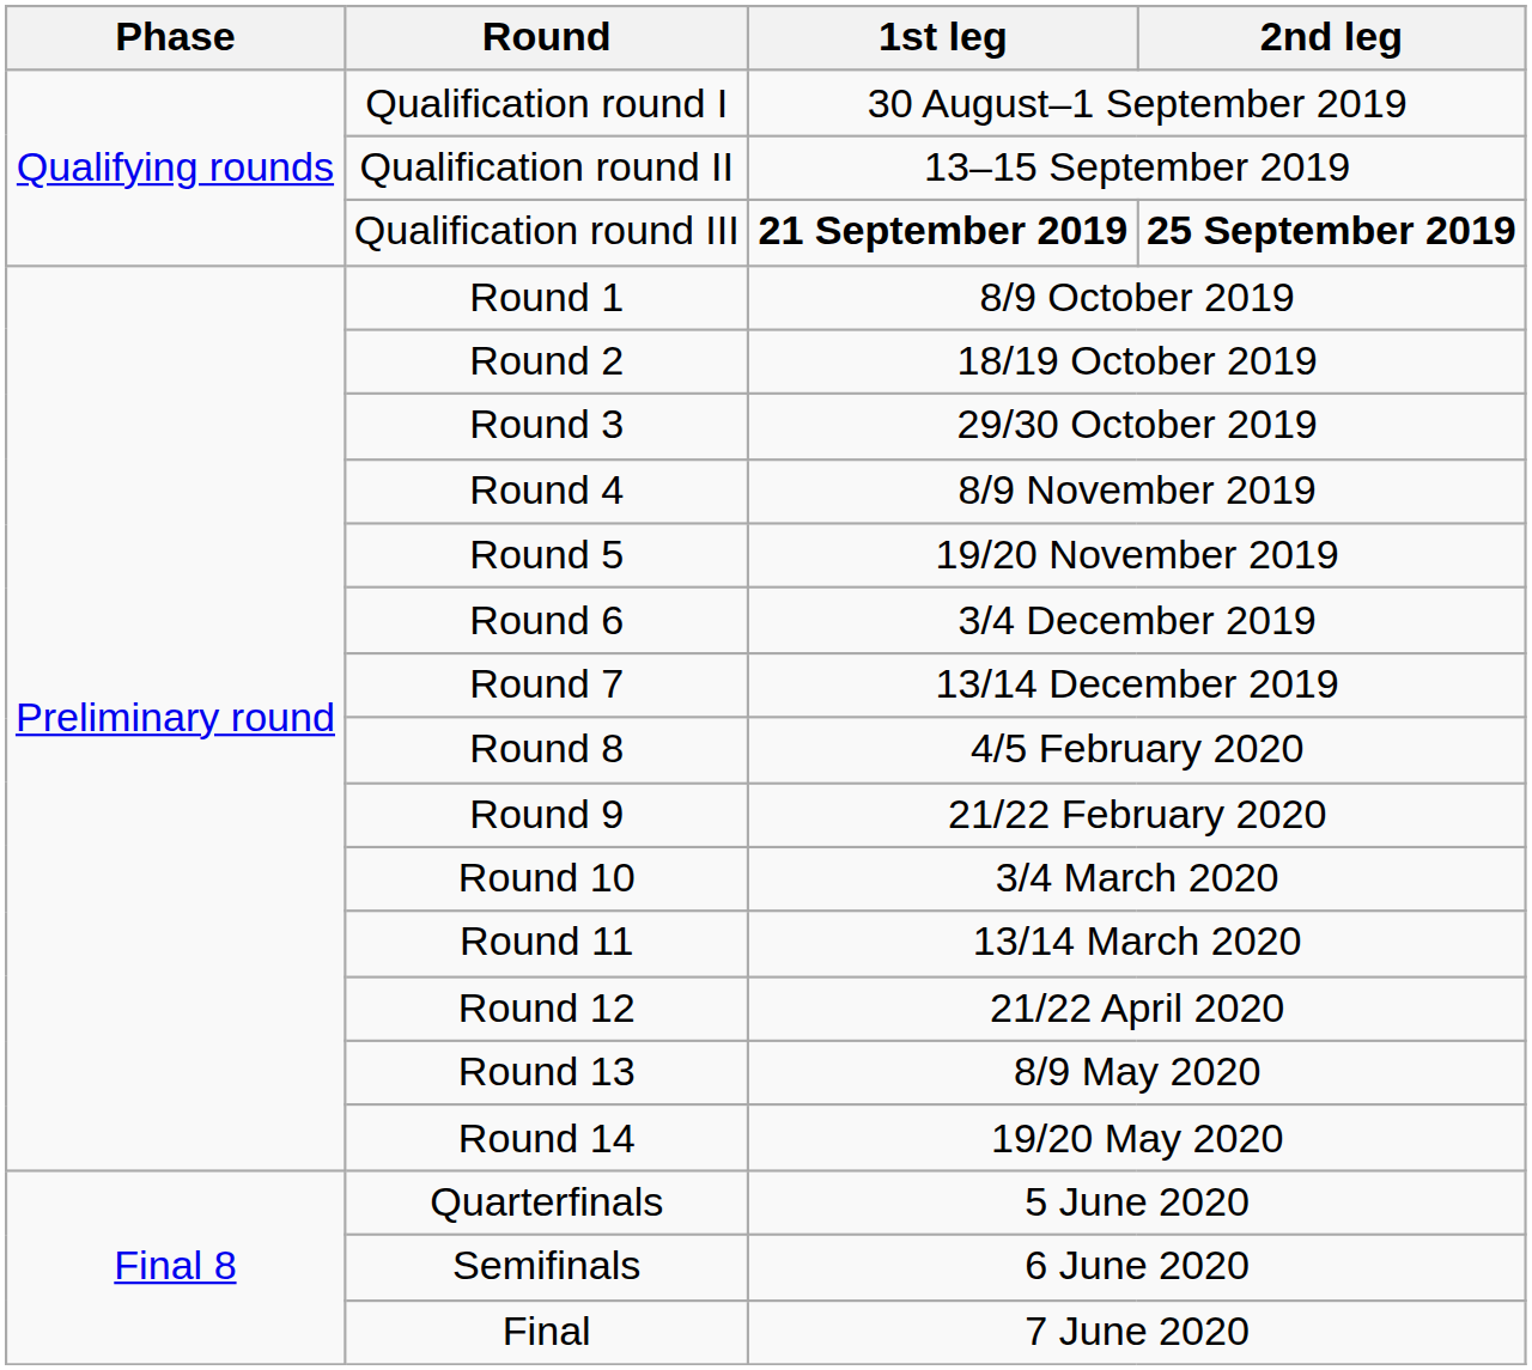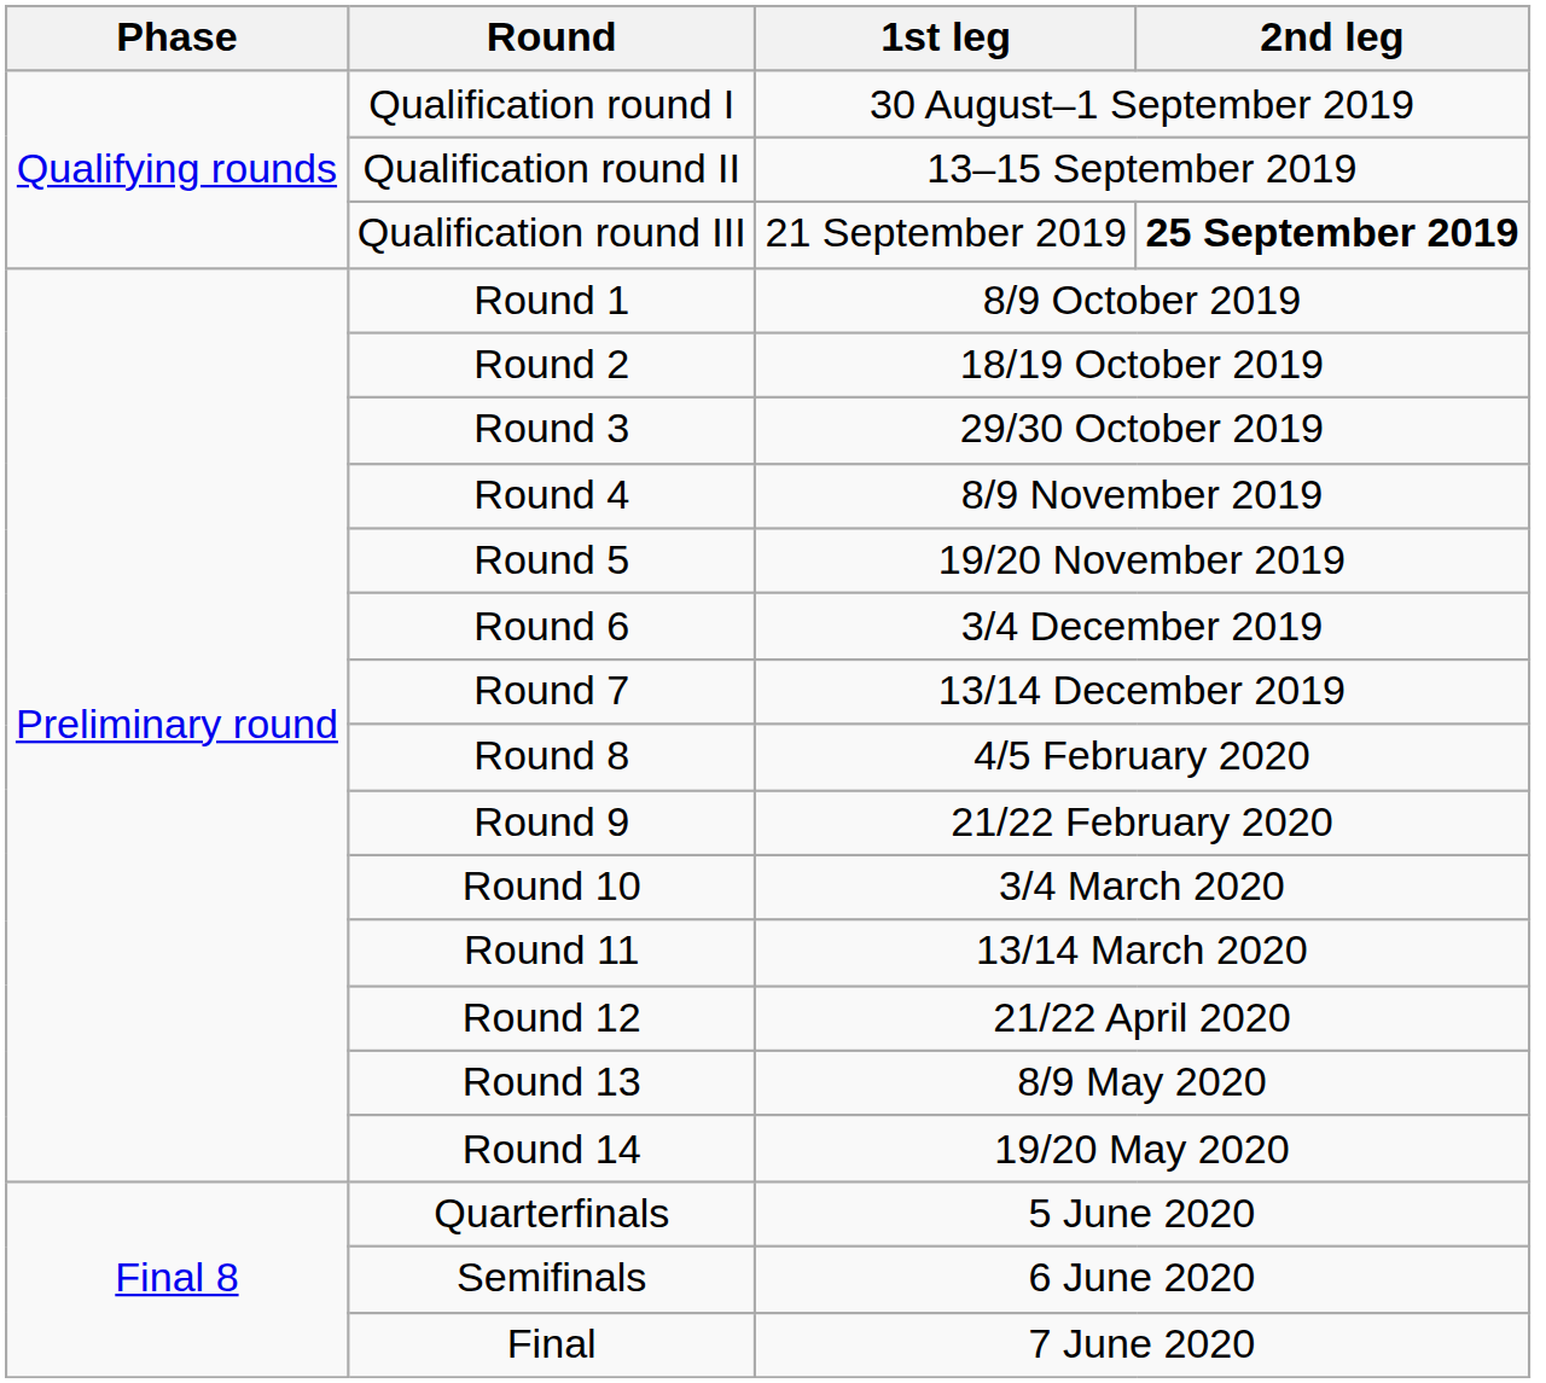 <table class="wikitable" style="text-align:center">
 <tr>
 <th>Phase</th>
 <th>Round</th>
 <th>1st leg</th>
 <th>2nd leg</th>
 </tr>
 <tr>
 <td rowspan=3><a href='#'>Qualifying rounds</a></td>
 <td>Qualification round I</td>
 <td colspan=2>30 August–1 September 2019</td>
 </tr>
 <tr>
 <td>Qualification round II</td>
 <td colspan=2>13–15 September 2019</td>
 </tr>
 <tr>
 <td>Qualification round III</td>
-<td><strong>21 September 2019</strong></td>
+<td>21 September 2019</td>
 <td><strong>25 September 2019</strong></td>
 </tr>
 <tr>
 <td rowspan=14><a href='#'>Preliminary round</a></td>
 <td>Round 1</td>
 <td colspan=2>8/9 October 2019</td>
 </tr>
 <tr>
 <td>Round 2</td>
 <td colspan=2>18/19 October 2019</td>
 </tr>
 <tr>
 <td>Round 3</td>
 <td colspan=2>29/30 October 2019</td>
 </tr>
 <tr>
 <td>Round 4</td>
 <td colspan=2>8/9 November 2019</td>
 </tr>
 <tr>
 <td>Round 5</td>
 <td colspan=2>19/20 November 2019</td>
 </tr>
 <tr>
 <td>Round 6</td>
 <td colspan=2>3/4 December 2019</td>
 </tr>
 <tr>
 <td>Round 7</td>
 <td colspan=2>13/14 December 2019</td>
 </tr>
 <tr>
 <td>Round 8</td>
 <td colspan=2>4/5 February 2020</td>
 </tr>
 <tr>
 <td>Round 9</td>
 <td colspan=2>21/22 February 2020</td>
 </tr>
 <tr>
 <td>Round 10</td>
 <td colspan=2>3/4 March 2020</td>
 </tr>
 <tr>
 <td>Round 11</td>
 <td colspan=2>13/14 March 2020</td>
 </tr>
 <tr>
 <td>Round 12</td>
 <td colspan=2>21/22 April 2020</td>
 </tr>
 <tr>
 <td>Round 13</td>
 <td colspan=2>8/9 May 2020</td>
 </tr>
 <tr>
 <td>Round 14</td>
 <td colspan=2>19/20 May 2020</td>
 </tr>
 <tr>
 <td rowspan=3><a href='#'>Final 8</a></td>
 <td>Quarterfinals</td>
 <td colspan=2>5 June 2020</td>
 </tr>
 <tr>
 <td>Semifinals</td>
 <td colspan=2>6 June 2020</td>
 </tr>
 <tr>
 <td>Final</td>
 <td colspan=2>7 June 2020</td>
 </tr>
 </table>
